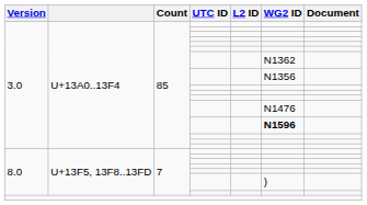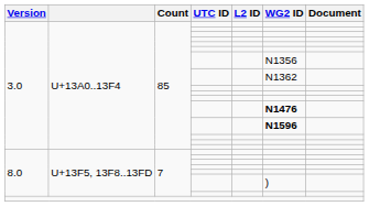 <table class="wikitable collapsible sticky-header">
 <tr>
 <th><a href='#'>Version</a></th>
 <th></th>
 <th>Count</th>
 <th><a href='#'>UTC</a> ID</th>
 <th><a href='#'>L2</a> ID</th>
 <th><a href='#'>WG2</a> ID</th>
 <th>Document</th>
 </tr>
 <tr>
 <td rowspan="16">3.0</td>
 <td rowspan="16">U+13A0..13F4</td>
 <td rowspan="16">85</td>
 <td></td>
 <td></td>
 <td></td>
 <td></td>
 </tr>
 <tr>
 <td></td>
 <td></td>
 <td></td>
 <td></td>
 </tr>
 <tr>
 <td></td>
 <td></td>
 <td></td>
 <td></td>
 </tr>
 <tr>
 <td></td>
 <td></td>
 <td></td>
 <td></td>
 </tr>
 <tr>
 <td></td>
 <td></td>
 <td></td>
 <td></td>
 </tr>
 <tr>
 <td></td>
 <td></td>
 <td></td>
 <td></td>
 </tr>
 <tr>
 <td></td>
 <td></td>
-<td>N1362</td>
+<td>N1356</td>
 <td></td>
 </tr>
 <tr>
 <td></td>
 <td></td>
-<td>N1356</td>
+<td>N1362</td>
 <td></td>
 </tr>
 <tr>
 <td></td>
 <td></td>
 <td></td>
 <td></td>
 </tr>
 <tr>
 <td></td>
 <td></td>
 <td></td>
 <td></td>
 </tr>
 <tr>
 <td></td>
 <td></td>
 <td></td>
 <td></td>
 </tr>
 <tr>
 <td></td>
 <td></td>
-<td>N1476</td>
+<td><strong>N1476</strong></td>
 <td></td>
 </tr>
 <tr>
 <td></td>
 <td></td>
 <td><strong>N1596</strong></td>
 <td></td>
 </tr>
 <tr>
 <td></td>
 <td></td>
 <td></td>
 <td></td>
 </tr>
 <tr>
 <td></td>
 <td></td>
 <td></td>
 <td></td>
 </tr>
 <tr>
 <td></td>
 <td></td>
 <td></td>
 <td></td>
 </tr>
 <tr>
 <td rowspan="7">8.0</td>
 <td rowspan="7">U+13F5, 13F8..13FD</td>
 <td rowspan="7">7</td>
 <td></td>
 <td></td>
 <td></td>
 <td></td>
 </tr>
 <tr>
 <td></td>
 <td></td>
 <td></td>
 <td></td>
 </tr>
 <tr>
 <td></td>
 <td></td>
 <td></td>
 <td></td>
 </tr>
 <tr>
 <td></td>
 <td></td>
 <td></td>
 <td></td>
 </tr>
 <tr>
 <td></td>
 <td></td>
 <td></td>
 <td></td>
 </tr>
 <tr>
 <td></td>
 <td></td>
 <td> )</td>
 <td></td>
 </tr>
 <tr>
 <td></td>
 <td></td>
 <td></td>
 <td></td>
 </tr>
 <tr class="sortbottom">
 <td colspan="7"></td>
 </tr>
 </table>
